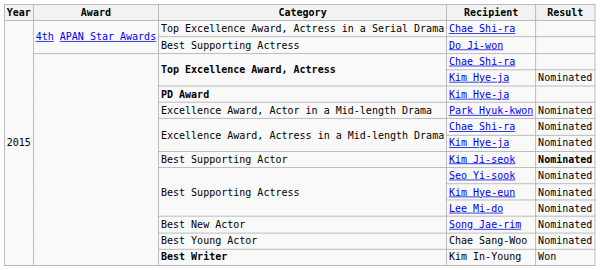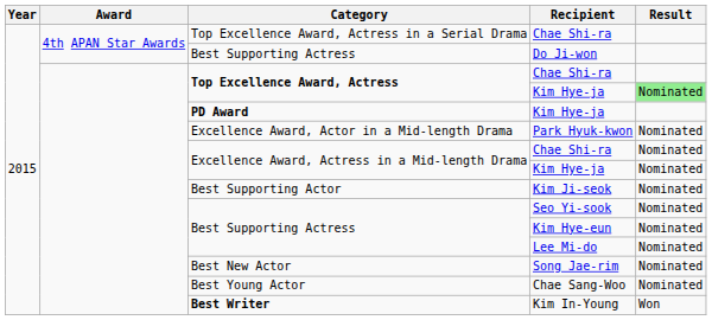 <table class="wikitable sortable">
 <tr>
 <th>Year</th>
 <th>Award</th>
 <th>Category</th>
 <th>Recipient</th>
 <th>Result</th>
 </tr>
 <tr>
 <td rowspan="15">2015</td>
 <td rowspan="2"><a href='#'>4th</a> <a href='#'>APAN Star Awards</a></td>
 <td>Top Excellence Award, Actress in a Serial Drama</td>
 <td><a href='#'>Chae Shi-ra</a></td>
 <td></td>
 </tr>
 <tr>
 <td>Best Supporting Actress</td>
 <td><a href='#'>Do Ji-won</a></td>
 <td></td>
 </tr>
 <tr>
 <td rowspan="13"></td>
 <td rowspan="2"><strong>Top Excellence Award, Actress</strong></td>
 <td><a href='#'>Chae Shi-ra</a></td>
 <td></td>
 </tr>
 <tr>
 <td><a href='#'>Kim Hye-ja</a></td>
-<td>Nominated</td>
+<td style="background: lightgreen;">Nominated</td>
 </tr>
 <tr>
 <td><strong>PD Award</strong></td>
 <td><a href='#'>Kim Hye-ja</a></td>
 <td></td>
 </tr>
 <tr>
 <td>Excellence Award, Actor in a Mid-length Drama</td>
 <td><a href='#'>Park Hyuk-kwon</a></td>
 <td>Nominated</td>
 </tr>
 <tr>
 <td rowspan="2">Excellence Award, Actress in a Mid-length Drama</td>
 <td><a href='#'>Chae Shi-ra</a></td>
 <td>Nominated</td>
 </tr>
 <tr>
 <td><a href='#'>Kim Hye-ja</a></td>
 <td>Nominated</td>
 </tr>
 <tr>
 <td>Best Supporting Actor</td>
 <td><a href='#'>Kim Ji-seok</a></td>
-<td><strong>Nominated</strong></td>
+<td>Nominated</td>
 </tr>
 <tr>
 <td rowspan="3">Best Supporting Actress</td>
 <td><a href='#'>Seo Yi-sook</a></td>
 <td>Nominated</td>
 </tr>
 <tr>
 <td><a href='#'>Kim Hye-eun</a></td>
 <td>Nominated</td>
 </tr>
 <tr>
 <td><a href='#'>Lee Mi-do</a></td>
 <td>Nominated</td>
 </tr>
 <tr>
 <td>Best New Actor</td>
 <td><a href='#'>Song Jae-rim</a></td>
 <td>Nominated</td>
 </tr>
 <tr>
 <td>Best Young Actor</td>
 <td>Chae Sang-Woo</td>
 <td>Nominated</td>
 </tr>
 <tr>
 <td><strong>Best Writer</strong></td>
 <td>Kim In-Young</td>
 <td>Won</td>
 </tr>
 </table>
